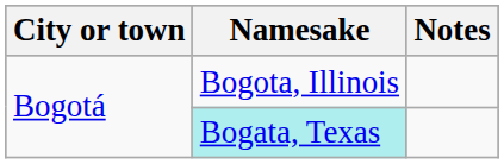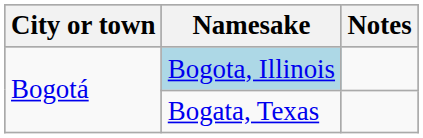 <table class="wikitable">
 <tr>
 <th>City or town</th>
 <th>Namesake</th>
 <th>Notes</th>
 </tr>
 <tr>
 <td rowspan=2><a href='#'>Bogotá</a></td>
-<td><a href='#'>Bogota, Illinois</a></td>
+<td style="background: lightblue;"><a href='#'>Bogota, Illinois</a></td>
 <td></td>
 </tr>
 <tr>
-<td style="background: paleturquoise;"><a href='#'>Bogata, Texas</a></td>
+<td><a href='#'>Bogata, Texas</a></td>
 <td></td>
 </tr>
 </table>
